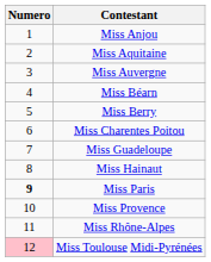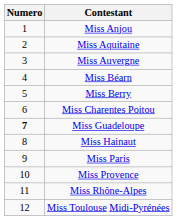 <table class="wikitable">
 <tr>
 <th>Numero</th>
 <th>Contestant</th>
 </tr>
 <tr>
 <td style="text-align:center;">1</td>
 <td style="text-align:center;"> <a href='#'>Miss Anjou</a></td>
 </tr>
 <tr>
 <td style="text-align:center;">2</td>
 <td style="text-align:center;"> <a href='#'>Miss Aquitaine</a></td>
 </tr>
 <tr>
 <td style="text-align:center;">3</td>
 <td style="text-align:center;"> <a href='#'>Miss Auvergne</a></td>
 </tr>
 <tr>
 <td style="text-align:center;">4</td>
 <td style="text-align:center;"> <a href='#'>Miss Béarn</a></td>
 </tr>
 <tr>
 <td style="text-align:center;">5</td>
 <td style="text-align:center;"> <a href='#'>Miss Berry</a></td>
 </tr>
 <tr>
 <td style="text-align:center;">6</td>
 <td style="text-align:center;"> <a href='#'>Miss Charentes Poitou</a></td>
 </tr>
 <tr>
-<td style="text-align:center;">7</td>
+<td style="text-align:center;"><strong>7</strong></td>
 <td style="text-align:center;"> <a href='#'>Miss Guadeloupe</a></td>
 </tr>
 <tr>
 <td style="text-align:center;">8</td>
 <td style="text-align:center;"> <a href='#'>Miss Hainaut</a></td>
 </tr>
 <tr>
-<td style="text-align:center;"><strong>9</strong></td>
+<td style="text-align:center;">9</td>
 <td style="text-align:center;"> <a href='#'>Miss Paris</a></td>
 </tr>
 <tr>
 <td style="text-align:center;">10</td>
 <td style="text-align:center;"> <a href='#'>Miss Provence</a></td>
 </tr>
 <tr>
 <td style="text-align:center;">11</td>
 <td style="text-align:center;"> <a href='#'>Miss Rhône-Alpes</a></td>
 </tr>
 <tr>
-<td style="background: pink; text-align:center;">12</td>
+<td style="text-align:center;">12</td>
 <td style="text-align:center;"> <a href='#'>Miss Toulouse</a> <a href='#'>Midi-Pyrénées</a></td>
 </tr>
 </table>
